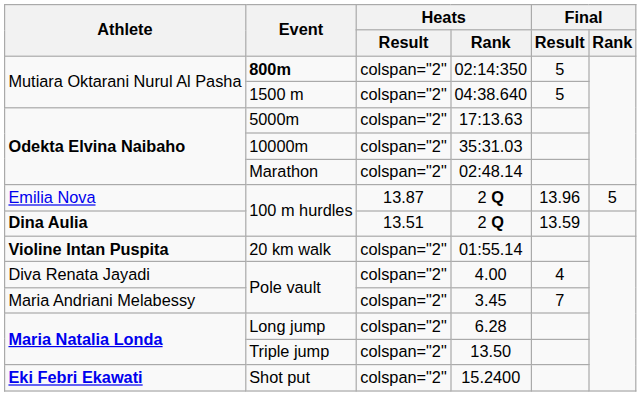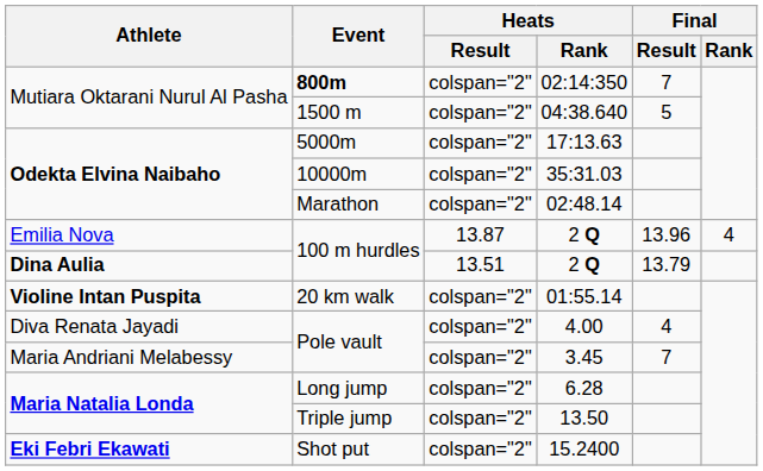 <table class="wikitable" style="font-size:85%">
 <tr>
 <th rowspan="2">Athlete</th>
 <th rowspan="2">Event</th>
 <th colspan="2">Heats</th>
 <th colspan="2">Final</th>
 </tr>
 <tr>
 <th>Result</th>
 <th>Rank</th>
 <th>Result</th>
 <th>Rank</th>
 </tr>
 <tr align="center">
 <td align="left" rowspan=2>Mutiara Oktarani Nurul Al Pasha</td>
 <td align="left"><strong>800m</strong></td>
 <td>colspan="2" </td>
 <td>02:14:350</td>
-<td>5</td>
+<td>7</td>
 </tr>
 <tr align="center">
 <td align="left">1500 m</td>
 <td>colspan="2" </td>
 <td>04:38.640</td>
 <td>5</td>
 </tr>
 <tr align="center">
 <td align="left" rowspan=3><strong>Odekta Elvina Naibaho</strong></td>
 <td align="left">5000m</td>
 <td>colspan="2" </td>
 <td>17:13.63</td>
 <td></td>
 </tr>
 <tr align="center">
 <td align="left">10000m</td>
 <td>colspan="2" </td>
 <td>35:31.03</td>
 <td></td>
 </tr>
 <tr align="center">
 <td align="left">Marathon</td>
 <td>colspan="2" </td>
 <td>02:48.14</td>
 <td></td>
 </tr>
 <tr align="center">
 <td align="left"><a href='#'>Emilia Nova</a></td>
 <td align="left" rowspan=2>100 m hurdles</td>
 <td>13.87</td>
 <td>2 <strong>Q</strong></td>
 <td>13.96</td>
-<td>5</td>
+<td>4</td>
 </tr>
 <tr align="center">
 <td align="left"><strong>Dina Aulia</strong></td>
 <td>13.51</td>
 <td>2 <strong>Q</strong></td>
-<td>13.59</td>
+<td>13.79</td>
 <td></td>
 </tr>
 <tr align="center">
 <td align="left"><strong>Violine Intan Puspita</strong></td>
 <td align="left">20 km walk</td>
 <td>colspan="2" </td>
 <td>01:55.14</td>
 <td></td>
 </tr>
 <tr align="center">
 <td align="left">Diva Renata Jayadi</td>
 <td align="left" rowspan="2">Pole vault</td>
 <td>colspan="2" </td>
 <td>4.00</td>
 <td>4</td>
 </tr>
 <tr align="center">
 <td align="left">Maria Andriani Melabessy</td>
 <td>colspan="2" </td>
 <td>3.45</td>
 <td>7</td>
 </tr>
 <tr align="center">
 <td align="left" rowspan="2"><strong><a href='#'>Maria Natalia Londa</a></strong></td>
 <td align="left">Long jump</td>
 <td>colspan="2" </td>
 <td>6.28</td>
 <td></td>
 </tr>
 <tr align="center">
 <td align="left">Triple jump</td>
 <td>colspan="2" </td>
 <td>13.50</td>
 <td></td>
 </tr>
 <tr align="center">
 <td align="left"><strong><a href='#'>Eki Febri Ekawati</a></strong></td>
 <td align="left">Shot put</td>
 <td>colspan="2" </td>
 <td>15.2400</td>
 <td></td>
 </tr>
 </table>
